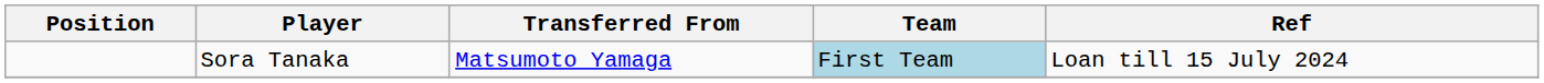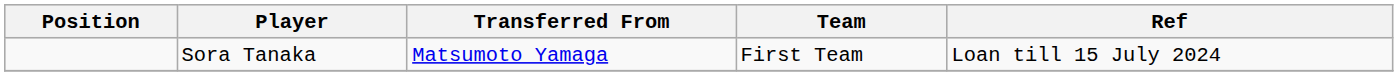 <table class="wikitable sortable" style="width:70%; text-align:center; font-size:100%; text-align:left;">
 <tr>
 <th>Position</th>
 <th>Player</th>
 <th>Transferred From</th>
 <th>Team</th>
 <th>Ref</th>
 </tr>
 <tr>
 <td></td>
 <td> Sora Tanaka</td>
 <td> <a href='#'>Matsumoto Yamaga</a></td>
-<td style="background: lightblue;">First Team</td>
+<td>First Team</td>
 <td>Loan till 15 July 2024 </td>
 </tr>
 <tr>
 </tr>
 </table>
